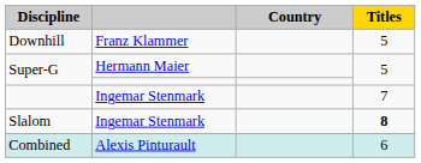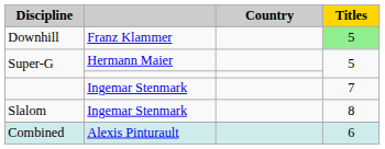 <table class="wikitable" width=30% style="font-size:85%; text-align:left">
 <tr style="background:#ccc; text-align:center;">
 <th style="background-color: #ccc;" width="40">Discipline</th>
 <th style="background-color: #ccc;" width="100"></th>
 <th style="background-color: #ccc;" width="80">Country</th>
 <th style="background:gold; width:15%">Titles</th>
 </tr>
 <tr>
 <td>Downhill</td>
 <td><a href='#'>Franz Klammer</a></td>
 <td></td>
-<td align=center>5</td>
+<td align=center style="background: lightgreen;">5</td>
 </tr>
 <tr>
 <td rowspan=2>Super-G</td>
 <td><a href='#'>Hermann Maier</a></td>
 <td></td>
 <td rowspan=2 align=center>5</td>
 </tr>
 <tr>
 <td></td>
 <td></td>
 </tr>
 <tr>
 <td></td>
 <td><a href='#'>Ingemar Stenmark</a></td>
 <td></td>
 <td align=center>7</td>
 </tr>
 <tr>
 <td>Slalom</td>
 <td><a href='#'>Ingemar Stenmark</a></td>
 <td></td>
-<td align=center><strong>8</strong></td>
+<td align=center>8</td>
 </tr>
 <tr>
 </tr>
 <tr style="background:#CFECEC">
 <td>Combined</td>
 <td><a href='#'>Alexis Pinturault</a></td>
 <td></td>
 <td align=center>6</td>
 </tr>
 </table>
